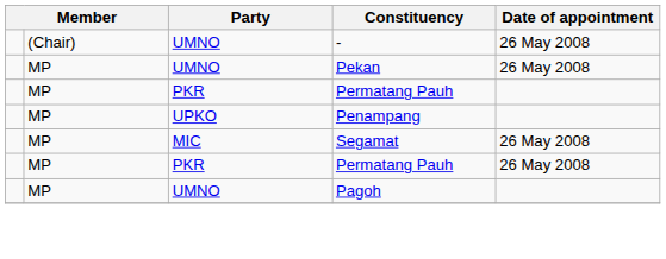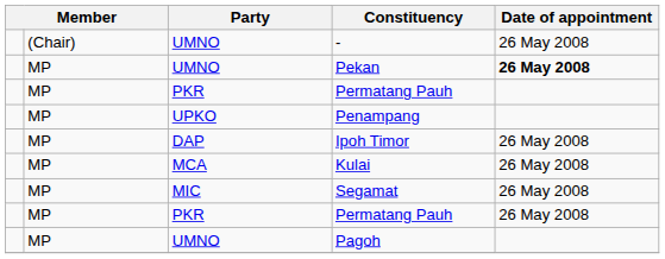 <table class="sortable wikitable">
 <tr>
 <th width="160px" colspan="2" valign="top">Member</th>
 <th width="160px" valign="top">Party</th>
 <th width="160px" valign="top">Constituency</th>
 <th width="160px" valign="top">Date of appointment</th>
 </tr>
 <tr>
 <td></td>
 <td> (Chair)</td>
 <td><a href='#'>UMNO</a></td>
 <td>-</td>
 <td>26 May 2008</td>
 </tr>
 <tr>
 <td></td>
 <td> MP</td>
 <td><a href='#'>UMNO</a></td>
 <td><a href='#'>Pekan</a></td>
-<td>26 May 2008</td>
+<td><strong>26 May 2008</strong></td>
 </tr>
 <tr>
 <td></td>
 <td> MP</td>
 <td><a href='#'>PKR</a></td>
 <td><a href='#'>Permatang Pauh</a></td>
 <td></td>
 </tr>
 <tr>
 <td></td>
 <td> MP</td>
 <td><a href='#'>UPKO</a></td>
 <td><a href='#'>Penampang</a></td>
 <td></td>
+</tr>
+<tr>
+<td></td>
+<td> MP</td>
+<td><a href='#'>DAP</a></td>
+<td><a href='#'>Ipoh Timor</a></td>
+<td>26 May 2008</td>
+</tr>
+<tr>
+<td></td>
+<td> MP</td>
+<td><a href='#'>MCA</a></td>
+<td><a href='#'>Kulai</a></td>
+<td>26 May 2008</td>
 </tr>
 <tr>
 <td></td>
 <td> MP</td>
 <td><a href='#'>MIC</a></td>
 <td><a href='#'>Segamat</a></td>
 <td>26 May 2008</td>
 </tr>
 <tr>
 <td></td>
 <td> MP</td>
 <td><a href='#'>PKR</a></td>
 <td><a href='#'>Permatang Pauh</a></td>
 <td>26 May 2008</td>
 </tr>
 <tr>
 <td></td>
 <td> MP</td>
 <td><a href='#'>UMNO</a></td>
 <td><a href='#'>Pagoh</a></td>
 <td></td>
 </tr>
 <tr>
 </tr>
 </table>
